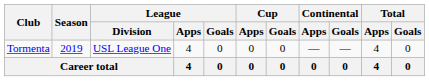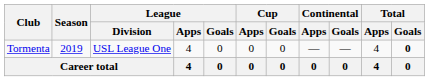 <table class="wikitable" style="text-align: center;">
 <tr>
 <th rowspan="2">Club</th>
 <th rowspan="2">Season</th>
 <th colspan="3">League</th>
 <th colspan="2">Cup</th>
 <th colspan="2">Continental</th>
 <th colspan="2">Total</th>
 </tr>
 <tr>
 <th>Division</th>
 <th>Apps</th>
 <th>Goals</th>
 <th>Apps</th>
 <th>Goals</th>
 <th>Apps</th>
 <th>Goals</th>
 <th>Apps</th>
 <th>Goals</th>
 </tr>
 <tr>
 <td><a href='#'>Tormenta</a></td>
 <td><a href='#'>2019</a></td>
 <td><a href='#'>USL League One</a></td>
 <td>4</td>
 <td>0</td>
 <td>0</td>
 <td>0</td>
 <td>—</td>
 <td>—</td>
 <td>4</td>
-<td>0</td>
+<td><strong>0</strong></td>
 </tr>
 <tr>
 <th colspan="3">Career total</th>
 <th>4</th>
 <th>0</th>
 <th>0</th>
 <th>0</th>
 <th>0</th>
 <th>0</th>
 <th>4</th>
 <th>0</th>
 </tr>
 </table>
